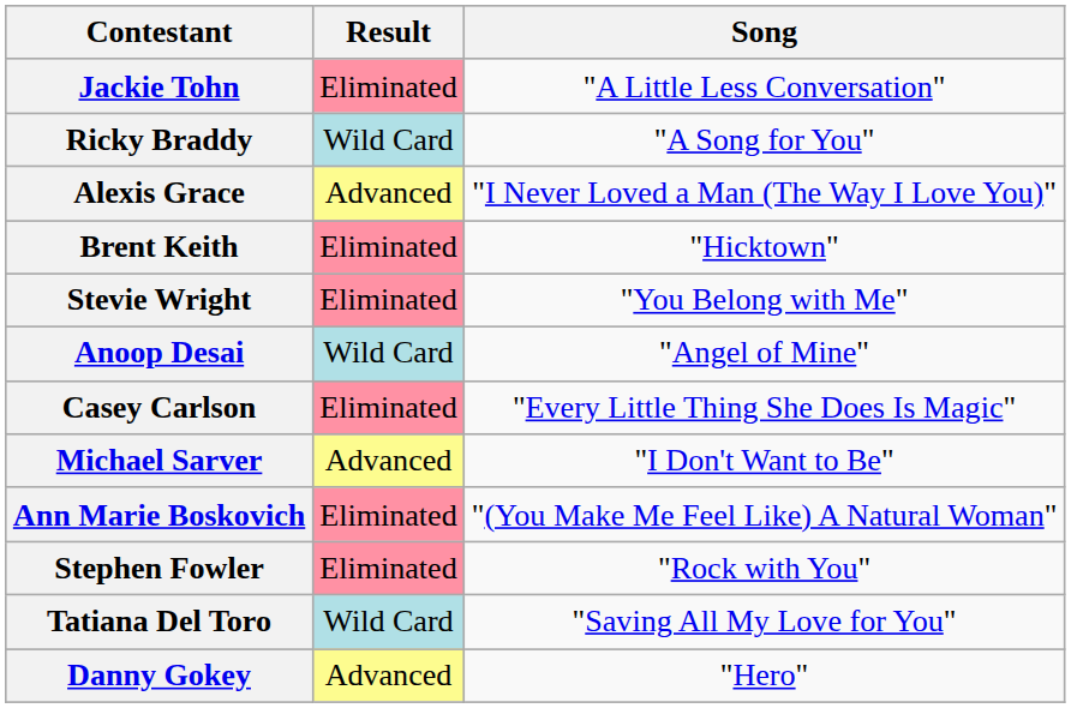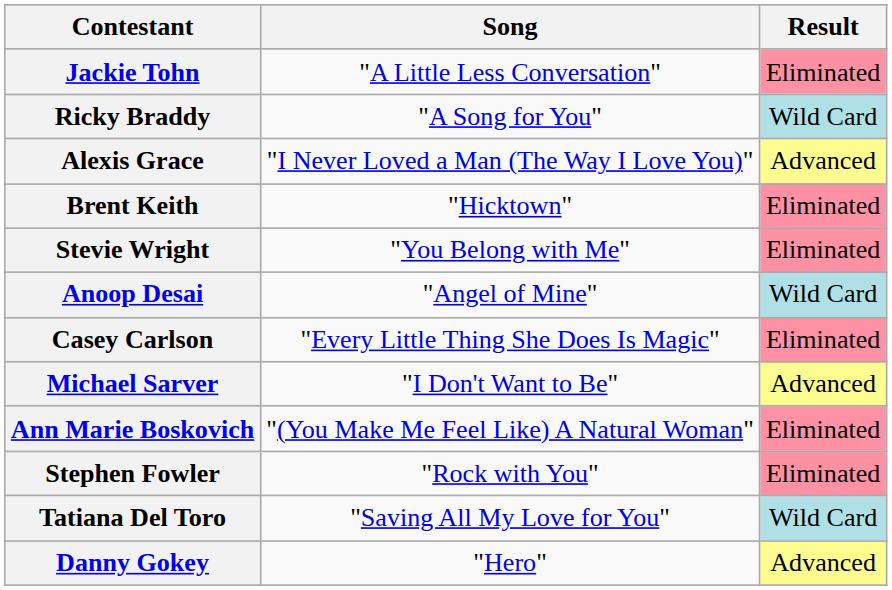 <table class="wikitable" style="text-align:center; line-height:20px;">
 <tr>
 <th scope="col">Contestant</th>
+<th scope="col">Song</th>
 <th scope="col">Result</th>
-<th scope="col">Song</th>
 </tr>
 <tr>
 <th scope="row"><a href='#'>Jackie Tohn</a></th>
+<td>"<a href='#'>A Little Less Conversation</a>"</td>
 <td style="background:#FF91A4;">Eliminated</td>
-<td>"<a href='#'>A Little Less Conversation</a>"</td>
 </tr>
 <tr>
 <th scope="row">Ricky Braddy</th>
+<td>"<a href='#'>A Song for You</a>"</td>
 <td style="background:#B0E0E6;">Wild Card</td>
-<td>"<a href='#'>A Song for You</a>"</td>
 </tr>
 <tr>
 <th scope="row">Alexis Grace</th>
+<td>"<a href='#'>I Never Loved a Man (The Way I Love You)</a>"</td>
 <td bgcolor="fdfc8f">Advanced</td>
-<td>"<a href='#'>I Never Loved a Man (The Way I Love You)</a>"</td>
 </tr>
 <tr>
 <th scope="row">Brent Keith</th>
+<td>"<a href='#'>Hicktown</a>"</td>
 <td style="background:#FF91A4;">Eliminated</td>
-<td>"<a href='#'>Hicktown</a>"</td>
 </tr>
 <tr>
 <th scope="row">Stevie Wright</th>
+<td>"<a href='#'>You Belong with Me</a>"</td>
 <td style="background:#FF91A4;">Eliminated</td>
-<td>"<a href='#'>You Belong with Me</a>"</td>
 </tr>
 <tr>
 <th scope="row"><a href='#'>Anoop Desai</a></th>
+<td>"<a href='#'>Angel of Mine</a>"</td>
 <td style="background:#B0E0E6;">Wild Card</td>
-<td>"<a href='#'>Angel of Mine</a>"</td>
 </tr>
 <tr>
 <th scope="row">Casey Carlson</th>
+<td>"<a href='#'>Every Little Thing She Does Is Magic</a>"</td>
 <td style="background:#FF91A4;">Eliminated</td>
-<td>"<a href='#'>Every Little Thing She Does Is Magic</a>"</td>
 </tr>
 <tr>
 <th scope="row"><a href='#'>Michael Sarver</a></th>
+<td>"<a href='#'>I Don't Want to Be</a>"</td>
 <td bgcolor="fdfc8f">Advanced</td>
-<td>"<a href='#'>I Don't Want to Be</a>"</td>
 </tr>
 <tr>
 <th scope="row"><a href='#'>Ann Marie Boskovich</a></th>
+<td>"<a href='#'>(You Make Me Feel Like) A Natural Woman</a>"</td>
 <td style="background:#FF91A4;">Eliminated</td>
-<td>"<a href='#'>(You Make Me Feel Like) A Natural Woman</a>"</td>
 </tr>
 <tr>
 <th scope="row">Stephen Fowler</th>
+<td>"<a href='#'>Rock with You</a>"</td>
 <td style="background:#FF91A4;">Eliminated</td>
-<td>"<a href='#'>Rock with You</a>"</td>
 </tr>
 <tr>
 <th scope="row">Tatiana Del Toro</th>
+<td>"<a href='#'>Saving All My Love for You</a>"</td>
 <td style="background:#B0E0E6;">Wild Card</td>
-<td>"<a href='#'>Saving All My Love for You</a>"</td>
 </tr>
 <tr>
 <th scope="row"><a href='#'>Danny Gokey</a></th>
+<td>"<a href='#'>Hero</a>"</td>
 <td bgcolor="fdfc8f">Advanced</td>
-<td>"<a href='#'>Hero</a>"</td>
 </tr>
 </table>
